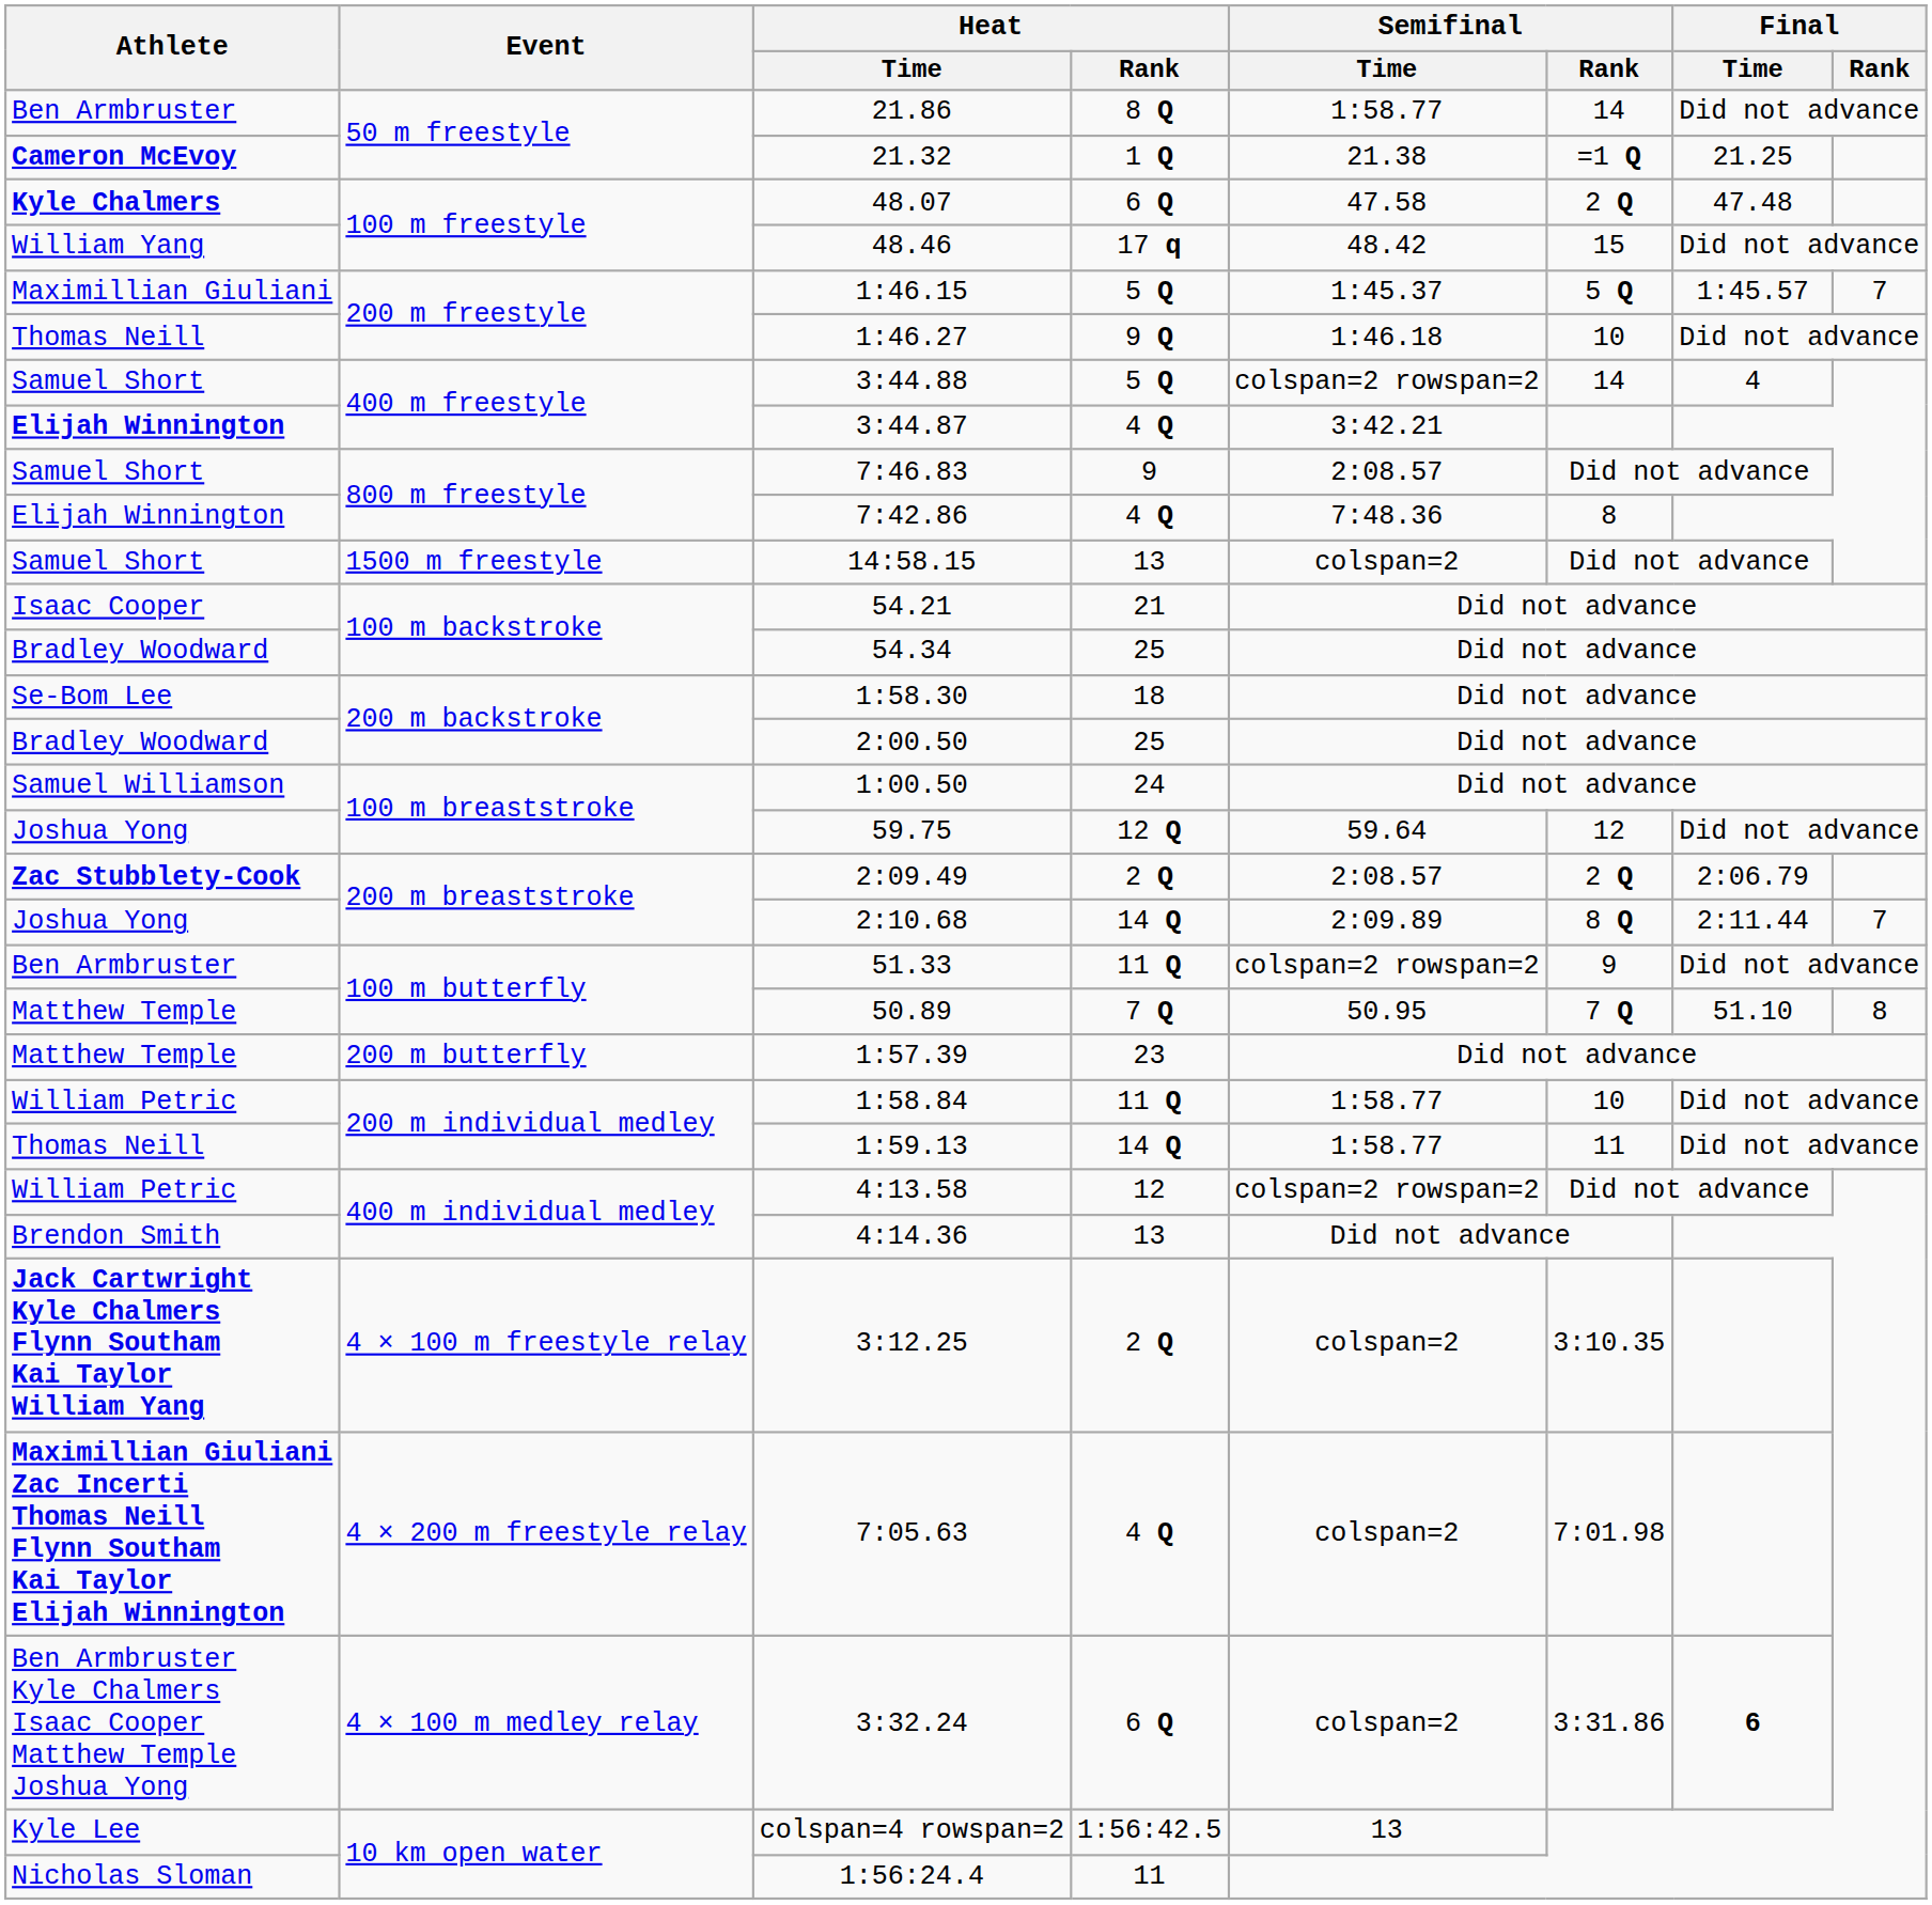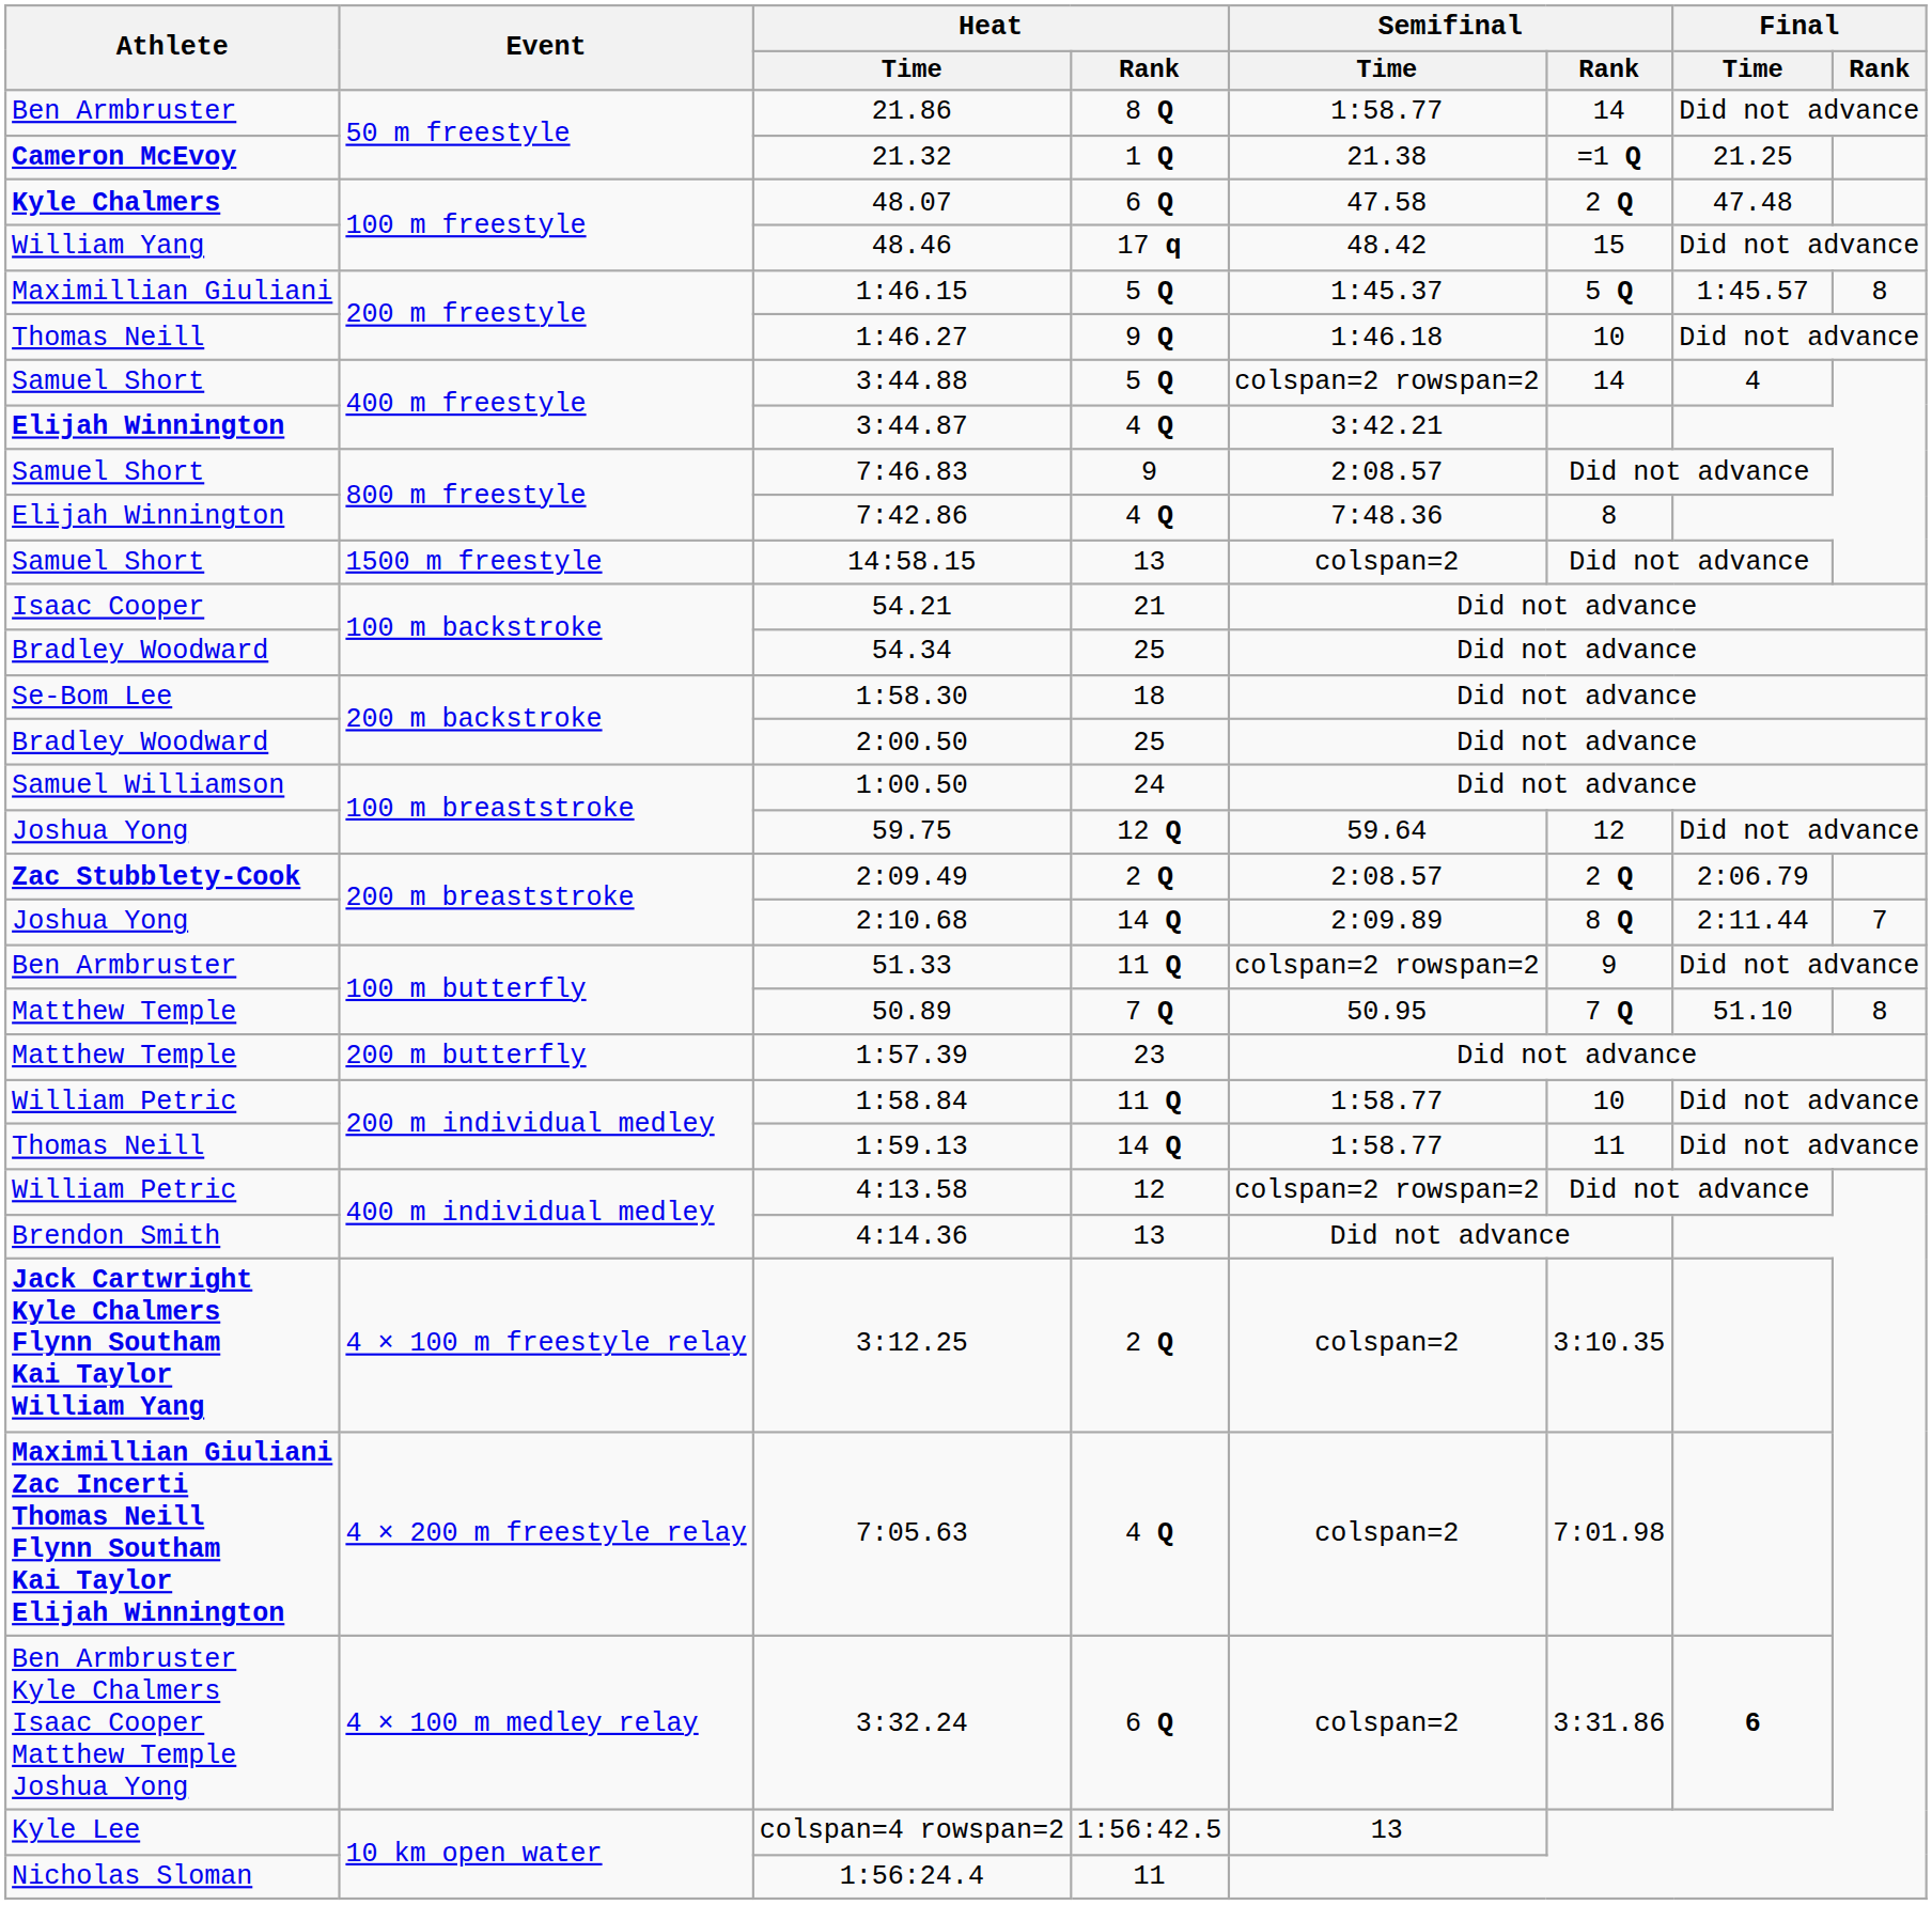 <table class=wikitable style=font-size:90%;text-align:center>
 <tr>
 <th rowspan=2>Athlete</th>
 <th rowspan=2>Event</th>
 <th colspan=2>Heat</th>
 <th colspan=2>Semifinal</th>
 <th colspan=2>Final</th>
 </tr>
 <tr style=font-size:95%>
 <th>Time</th>
 <th>Rank</th>
 <th>Time</th>
 <th>Rank</th>
 <th>Time</th>
 <th>Rank</th>
 </tr>
 <tr>
 <td align=left><a href='#'>Ben Armbruster</a></td>
 <td align=left rowspan=2><a href='#'>50 m freestyle</a></td>
 <td>21.86</td>
 <td>8 <strong>Q</strong></td>
 <td>1:58.77</td>
 <td>14</td>
 <td colspan=2>Did not advance</td>
 </tr>
 <tr>
 <td align=left><strong><a href='#'>Cameron McEvoy</a></strong></td>
 <td>21.32</td>
 <td>1 <strong>Q</strong></td>
 <td>21.38</td>
 <td>=1 <strong>Q</strong></td>
 <td>21.25</td>
 <td></td>
 </tr>
 <tr>
 <td align=left><strong><a href='#'>Kyle Chalmers</a></strong></td>
 <td rowspan=2 align=left><a href='#'>100 m freestyle</a></td>
 <td>48.07</td>
 <td>6 <strong>Q</strong></td>
 <td>47.58</td>
 <td>2 <strong>Q</strong></td>
 <td>47.48</td>
 <td></td>
 </tr>
 <tr>
 <td align=left><a href='#'>William Yang</a></td>
 <td>48.46</td>
 <td>17 <strong>q</strong></td>
 <td>48.42</td>
 <td>15</td>
 <td colspan=2>Did not advance</td>
 </tr>
 <tr>
 <td align=left><a href='#'>Maximillian Giuliani</a></td>
 <td rowspan=2 align=left><a href='#'>200 m freestyle</a></td>
 <td>1:46.15</td>
 <td>5 <strong>Q</strong></td>
 <td>1:45.37</td>
 <td>5 <strong>Q</strong></td>
 <td>1:45.57</td>
-<td>7</td>
+<td>8</td>
 </tr>
 <tr>
 <td align=left><a href='#'>Thomas Neill</a></td>
 <td>1:46.27</td>
 <td>9 <strong>Q</strong></td>
 <td>1:46.18</td>
 <td>10</td>
 <td colspan=2>Did not advance</td>
 </tr>
 <tr>
 <td align=left><a href='#'>Samuel Short</a></td>
 <td align=left rowspan=2><a href='#'>400 m freestyle</a></td>
 <td>3:44.88</td>
 <td>5 <strong>Q</strong></td>
 <td>colspan=2 rowspan=2 </td>
 <td>14</td>
 <td>4</td>
 </tr>
 <tr>
 <td align=left><strong><a href='#'>Elijah Winnington</a></strong></td>
 <td>3:44.87</td>
 <td>4 <strong>Q</strong></td>
 <td>3:42.21</td>
 <td></td>
 </tr>
 <tr>
 <td align=left><a href='#'>Samuel Short</a></td>
 <td rowspan=2 align=left><a href='#'>800 m freestyle</a></td>
 <td>7:46.83</td>
 <td>9</td>
 <td>2:08.57</td>
 <td colspan=2>Did not advance</td>
 </tr>
 <tr>
 <td align=left><a href='#'>Elijah Winnington</a></td>
 <td>7:42.86</td>
 <td>4 <strong>Q</strong></td>
 <td>7:48.36</td>
 <td>8</td>
 </tr>
 <tr>
 <td align=left><a href='#'>Samuel Short</a></td>
 <td align=left><a href='#'>1500 m freestyle</a></td>
 <td>14:58.15</td>
 <td>13</td>
 <td>colspan=2 </td>
 <td colspan=2>Did not advance</td>
 </tr>
 <tr>
 <td align=left><a href='#'>Isaac Cooper</a></td>
 <td rowspan=2 align=left><a href='#'>100 m backstroke</a></td>
 <td>54.21</td>
 <td>21</td>
 <td colspan=4>Did not advance</td>
 </tr>
 <tr>
 <td align=left><a href='#'>Bradley Woodward</a></td>
 <td>54.34</td>
 <td>25</td>
 <td colspan=4>Did not advance</td>
 </tr>
 <tr>
 <td align=left><a href='#'>Se-Bom Lee</a></td>
 <td align=left rowspan=2><a href='#'>200 m backstroke</a></td>
 <td>1:58.30</td>
 <td>18</td>
 <td colspan=4>Did not advance</td>
 </tr>
 <tr>
 <td align=left><a href='#'>Bradley Woodward</a></td>
 <td>2:00.50</td>
 <td>25</td>
 <td colspan=4>Did not advance</td>
 </tr>
 <tr>
 <td align=left><a href='#'>Samuel Williamson</a></td>
 <td align=left rowspan=2><a href='#'>100 m breaststroke</a></td>
 <td>1:00.50</td>
 <td>24</td>
 <td colspan=4>Did not advance</td>
 </tr>
 <tr>
 <td align=left><a href='#'>Joshua Yong</a></td>
 <td>59.75</td>
 <td>12 <strong>Q</strong></td>
 <td>59.64</td>
 <td>12</td>
 <td colspan=2>Did not advance</td>
 </tr>
 <tr>
 <td align=left><strong><a href='#'>Zac Stubblety-Cook</a></strong></td>
 <td align=left rowspan=2><a href='#'>200 m breaststroke</a></td>
 <td>2:09.49</td>
 <td>2 <strong>Q</strong></td>
 <td>2:08.57</td>
 <td>2 <strong>Q</strong></td>
 <td>2:06.79</td>
 <td></td>
 </tr>
 <tr>
 <td align=left><a href='#'>Joshua Yong</a></td>
 <td>2:10.68</td>
 <td>14 <strong>Q</strong></td>
 <td>2:09.89</td>
 <td>8 <strong>Q</strong></td>
 <td>2:11.44</td>
 <td>7</td>
 </tr>
 <tr>
 <td align=left><a href='#'>Ben Armbruster</a></td>
 <td rowspan=2 align=left><a href='#'>100 m butterfly</a></td>
 <td>51.33</td>
 <td>11 <strong>Q</strong></td>
 <td>colspan=2 rowspan=2 </td>
 <td>9</td>
 <td colspan=2>Did not advance</td>
 </tr>
 <tr>
 <td align=left><a href='#'>Matthew Temple</a></td>
 <td>50.89</td>
 <td>7 <strong>Q</strong></td>
 <td>50.95</td>
 <td>7 <strong>Q</strong></td>
 <td>51.10</td>
 <td>8</td>
 </tr>
 <tr>
 <td align=left><a href='#'>Matthew Temple</a></td>
 <td align=left><a href='#'>200 m butterfly</a></td>
 <td>1:57.39</td>
 <td>23</td>
 <td colspan=4>Did not advance</td>
 </tr>
 <tr>
 <td align=left><a href='#'>William Petric</a></td>
 <td rowspan=2 align=left><a href='#'>200 m individual medley</a></td>
 <td>1:58.84</td>
 <td>11 <strong>Q</strong></td>
 <td>1:58.77</td>
 <td>10</td>
 <td colspan=2>Did not advance</td>
 </tr>
 <tr>
 <td align=left><a href='#'>Thomas Neill</a></td>
 <td>1:59.13</td>
 <td>14 <strong>Q</strong></td>
 <td>1:58.77</td>
 <td>11</td>
 <td colspan=2>Did not advance</td>
 </tr>
 <tr>
 <td align=left><a href='#'>William Petric</a></td>
 <td rowspan=2 align=left><a href='#'>400 m individual medley</a></td>
 <td>4:13.58</td>
 <td>12</td>
 <td>colspan=2 rowspan=2 </td>
 <td colspan=2>Did not advance</td>
 </tr>
 <tr>
 <td align=left><a href='#'>Brendon Smith</a></td>
 <td>4:14.36</td>
 <td>13</td>
 <td colspan=2>Did not advance</td>
 </tr>
 <tr>
 <td align=left><strong><a href='#'>Jack Cartwright</a><br><a href='#'>Kyle Chalmers</a><br><a href='#'>Flynn Southam</a><br><a href='#'>Kai Taylor</a><br><a href='#'>William Yang</a></strong></td>
 <td align=left><a href='#'>4 × 100 m freestyle relay</a></td>
 <td>3:12.25</td>
 <td>2 <strong>Q</strong></td>
 <td>colspan=2 </td>
 <td>3:10.35</td>
 <td></td>
 </tr>
 <tr>
 <td align=left><strong><a href='#'>Maximillian Giuliani</a><br><a href='#'>Zac Incerti</a><br><a href='#'>Thomas Neill</a><br><a href='#'>Flynn Southam</a><br><a href='#'>Kai Taylor</a><br><a href='#'>Elijah Winnington</a></strong></td>
 <td align=left><a href='#'>4 × 200 m freestyle relay</a></td>
 <td>7:05.63</td>
 <td>4 <strong>Q</strong></td>
 <td>colspan=2 </td>
 <td>7:01.98</td>
 <td></td>
 </tr>
 <tr>
 <td align=left><a href='#'>Ben Armbruster</a><br><a href='#'>Kyle Chalmers</a><br><a href='#'>Isaac Cooper</a><br><a href='#'>Matthew Temple</a><br><a href='#'>Joshua Yong</a></td>
 <td align=left><a href='#'>4 × 100 m medley relay</a></td>
 <td>3:32.24</td>
 <td>6 <strong>Q</strong></td>
 <td>colspan=2 </td>
 <td>3:31.86</td>
 <td><strong>6</strong></td>
 </tr>
 <tr>
 <td align=left><a href='#'>Kyle Lee</a></td>
 <td align=left rowspan=2><a href='#'>10 km open water</a></td>
 <td>colspan=4 rowspan=2 </td>
 <td>1:56:42.5</td>
 <td>13</td>
 </tr>
 <tr>
 <td align=left><a href='#'>Nicholas Sloman</a></td>
 <td>1:56:24.4</td>
 <td>11</td>
 </tr>
 </table>
